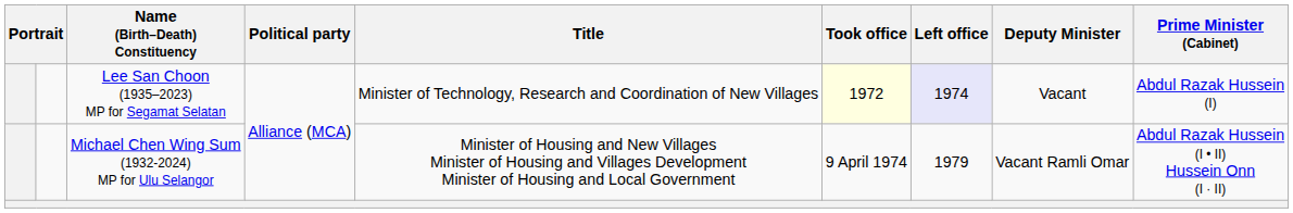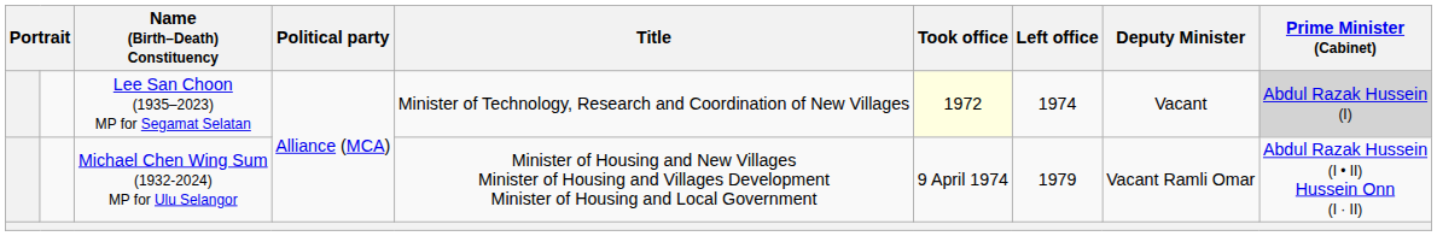 <table class="wikitable" style="text-align:center;">
 <tr>
 <th colspan=2>Portrait</th>
 <th>Name<br><small>(Birth–Death)<br>Constituency</small></th>
 <th>Political party</th>
 <th>Title</th>
 <th>Took office</th>
 <th>Left office</th>
 <th>Deputy Minister</th>
 <th><a href='#'>Prime Minister</a><br><small>(Cabinet)</small></th>
 </tr>
 <tr>
 <th style="background:"></th>
 <td></td>
 <td><a href='#'>Lee San Choon</a><br><small>(1935–2023)<br>MP for <a href='#'>Segamat Selatan</a></small></td>
 <td rowspan=2><a href='#'>Alliance</a> (<a href='#'>MCA</a>)</td>
 <td>Minister of Technology, Research and Coordination of New Villages</td>
 <td style="background: lightyellow;">1972</td>
-<td style="background: lavender;">1974</td>
+<td>1974</td>
 <td>Vacant</td>
-<td><a href='#'>Abdul Razak Hussein</a><br><small>(I)</small></td>
+<td style="background: lightgrey;"><a href='#'>Abdul Razak Hussein</a><br><small>(I)</small></td>
 </tr>
 <tr>
 <th style="background:"></th>
 <td></td>
 <td><a href='#'>Michael Chen Wing Sum</a><br><small>(1932-2024)<br>MP for <a href='#'>Ulu Selangor</a></small></td>
 <td>Minister of Housing and New Villages<br>Minister of Housing and Villages Development<br>Minister of Housing and Local Government</td>
 <td>9 April 1974</td>
 <td>1979</td>
 <td>Vacant  Ramli Omar </td>
 <td><a href='#'>Abdul Razak Hussein</a><br><small>(I • II)</small><br><a href='#'>Hussein Onn</a><br><small>(I · II)</small></td>
 </tr>
 <tr>
 <th colspan="9" bgcolor="cccccc"></th>
 </tr>
 </table>
